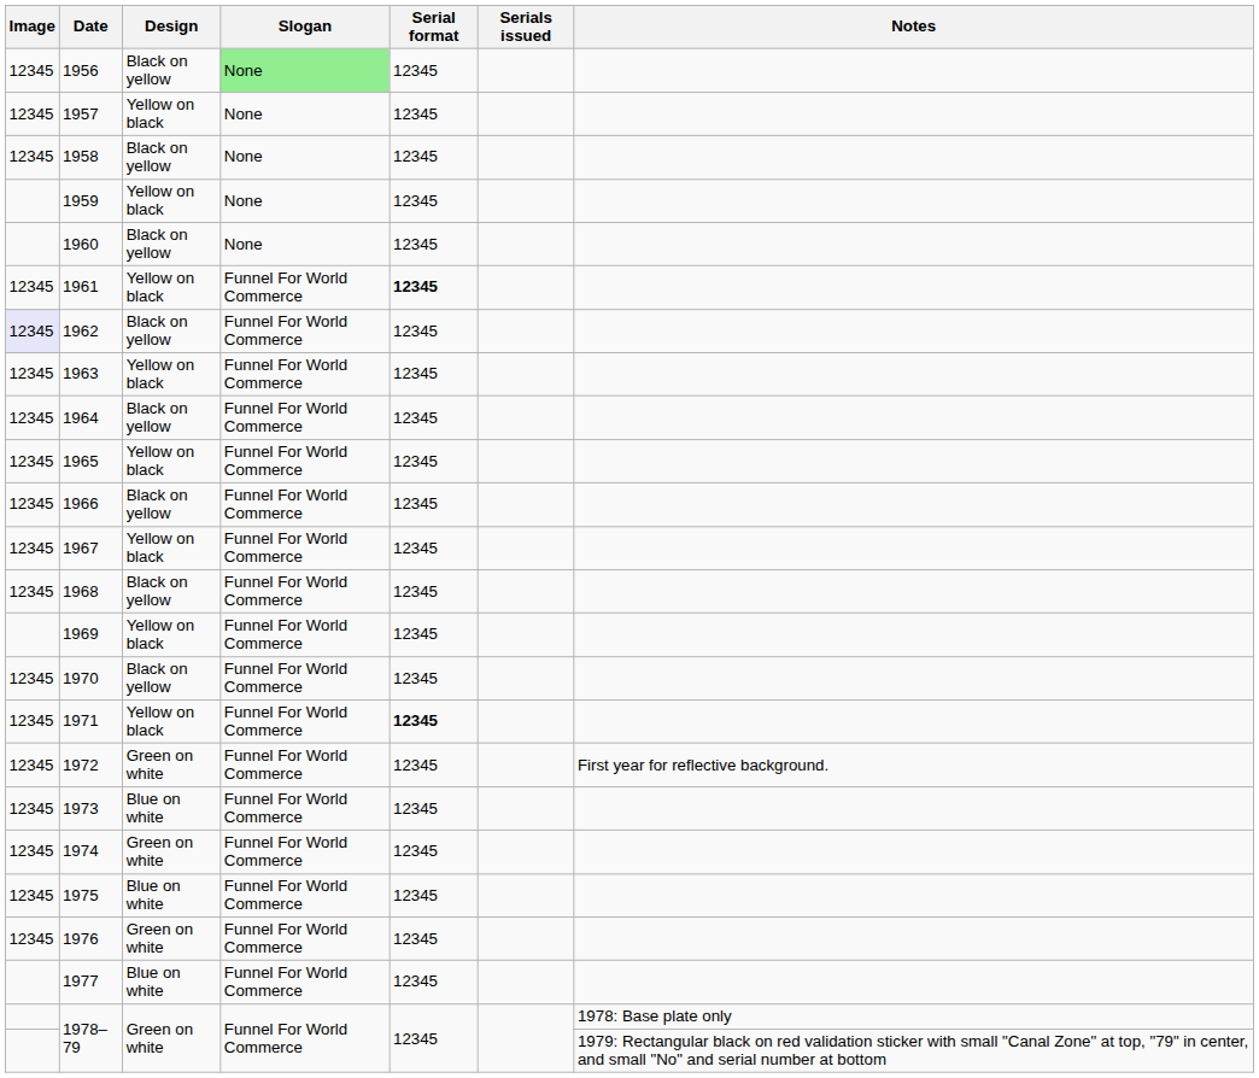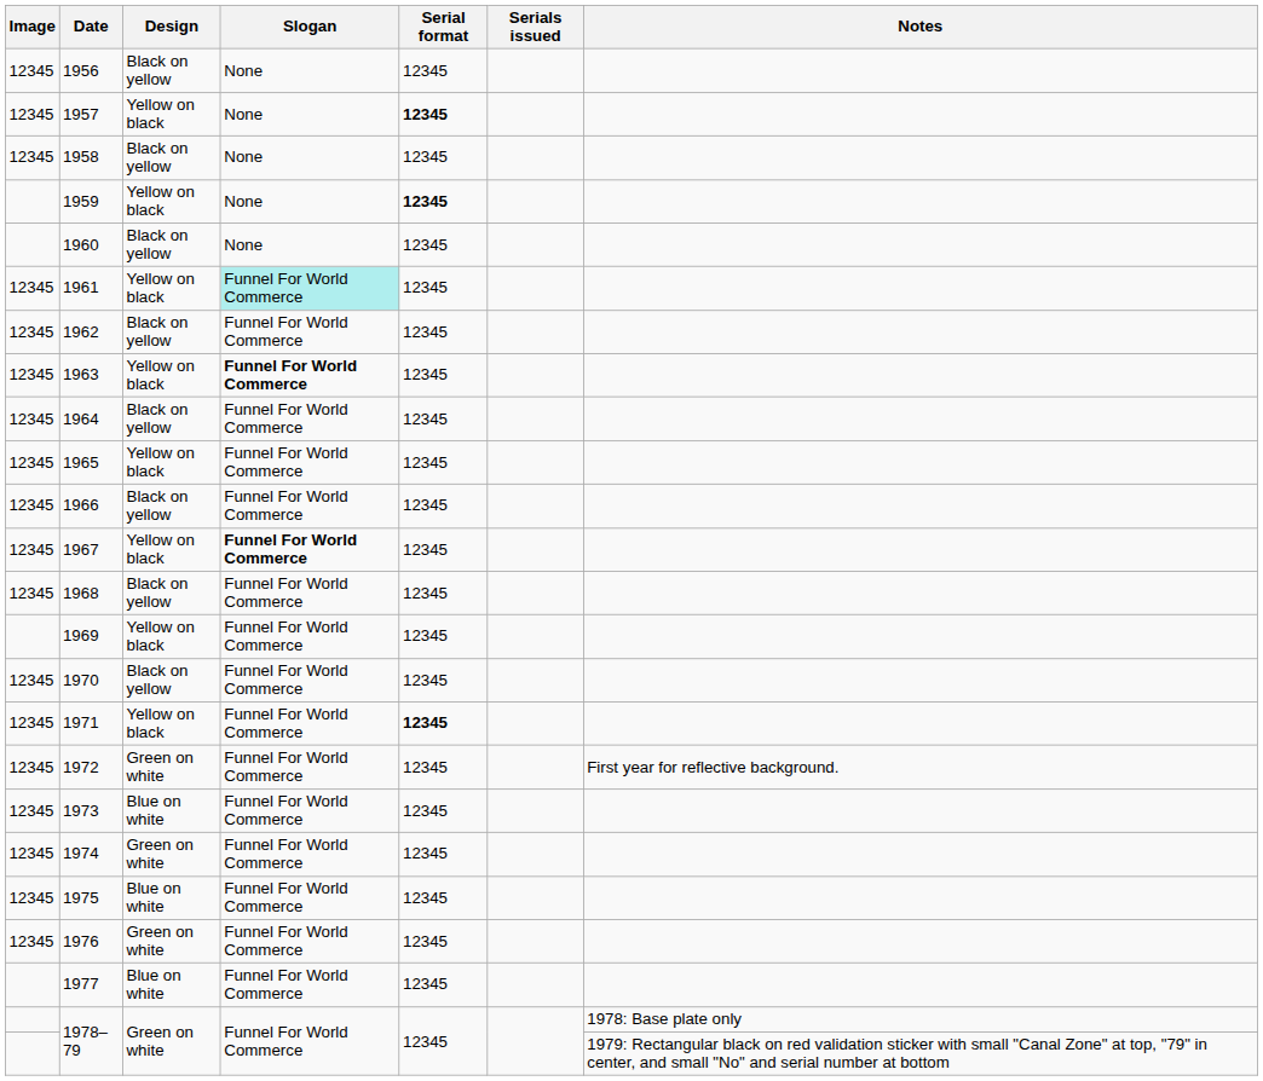 <table class="wikitable">
 <tr>
 <th>Image</th>
 <th>Date</th>
 <th>Design</th>
 <th>Slogan</th>
 <th>Serial format</th>
 <th>Serials issued</th>
 <th>Notes</th>
 </tr>
 <tr>
 <td><div>12345</div></td>
 <td>1956</td>
 <td>Black on yellow</td>
-<td style="background: lightgreen;">None</td>
+<td>None</td>
 <td>12345</td>
 <td></td>
 <td></td>
 </tr>
 <tr>
 <td><div>12345</div></td>
 <td>1957</td>
 <td>Yellow on black</td>
 <td>None</td>
-<td>12345</td>
+<td><strong>12345</strong></td>
 <td></td>
 <td></td>
 </tr>
 <tr>
 <td><div>12345</div></td>
 <td>1958</td>
 <td>Black on yellow</td>
 <td>None</td>
 <td>12345</td>
 <td></td>
 <td></td>
 </tr>
 <tr>
 <td></td>
 <td>1959</td>
 <td>Yellow on black</td>
 <td>None</td>
-<td>12345</td>
+<td><strong>12345</strong></td>
 <td></td>
 <td></td>
 </tr>
 <tr>
 <td></td>
 <td>1960</td>
 <td>Black on yellow</td>
 <td>None</td>
 <td>12345</td>
 <td></td>
 <td></td>
 </tr>
 <tr>
 <td><div>12345</div></td>
 <td>1961</td>
 <td>Yellow on black</td>
-<td>Funnel For World Commerce</td>
-<td><strong>12345</strong></td>
+<td style="background: paleturquoise;">Funnel For World Commerce</td>
+<td>12345</td>
 <td></td>
 <td></td>
 </tr>
 <tr>
-<td style="background: lavender;"><div>12345</div></td>
+<td><div>12345</div></td>
 <td>1962</td>
 <td>Black on yellow</td>
 <td>Funnel For World Commerce</td>
 <td>12345</td>
 <td></td>
 <td></td>
 </tr>
 <tr>
 <td><div>12345</div></td>
 <td>1963</td>
 <td>Yellow on black</td>
-<td>Funnel For World Commerce</td>
+<td><strong>Funnel For World Commerce</strong></td>
 <td>12345</td>
 <td></td>
 <td></td>
 </tr>
 <tr>
 <td><div>12345</div></td>
 <td>1964</td>
 <td>Black on yellow</td>
 <td>Funnel For World Commerce</td>
 <td>12345</td>
 <td></td>
 <td></td>
 </tr>
 <tr>
 <td><div>12345</div></td>
 <td>1965</td>
 <td>Yellow on black</td>
 <td>Funnel For World Commerce</td>
 <td>12345</td>
 <td></td>
 <td></td>
 </tr>
 <tr>
 <td><div>12345</div></td>
 <td>1966</td>
 <td>Black on yellow</td>
 <td>Funnel For World Commerce</td>
 <td>12345</td>
 <td></td>
 <td></td>
 </tr>
 <tr>
 <td><div>12345</div></td>
 <td>1967</td>
 <td>Yellow on black</td>
-<td>Funnel For World Commerce</td>
+<td><strong>Funnel For World Commerce</strong></td>
 <td>12345</td>
 <td></td>
 <td></td>
 </tr>
 <tr>
 <td><div>12345</div></td>
 <td>1968</td>
 <td>Black on yellow</td>
 <td>Funnel For World Commerce</td>
 <td>12345</td>
 <td></td>
 <td></td>
 </tr>
 <tr>
 <td></td>
 <td>1969</td>
 <td>Yellow on black</td>
 <td>Funnel For World Commerce</td>
 <td>12345</td>
 <td></td>
 <td></td>
 </tr>
 <tr>
 <td><div>12345</div></td>
 <td>1970</td>
 <td>Black on yellow</td>
 <td>Funnel For World Commerce</td>
 <td>12345</td>
 <td></td>
 <td></td>
 </tr>
 <tr>
 <td><div>12345</div></td>
 <td>1971</td>
 <td>Yellow on black</td>
 <td>Funnel For World Commerce</td>
 <td><strong>12345</strong></td>
 <td></td>
 <td></td>
 </tr>
 <tr>
 <td><div>12345</div></td>
 <td>1972</td>
 <td>Green on white</td>
 <td>Funnel For World Commerce</td>
 <td>12345</td>
 <td></td>
 <td>First year for reflective background.</td>
 </tr>
 <tr>
 <td><div>12345</div></td>
 <td>1973</td>
 <td>Blue on white</td>
 <td>Funnel For World Commerce</td>
 <td>12345</td>
 <td></td>
 <td></td>
 </tr>
 <tr>
 <td><div>12345</div></td>
 <td>1974</td>
 <td>Green on white</td>
 <td>Funnel For World Commerce</td>
 <td>12345</td>
 <td></td>
 <td></td>
 </tr>
 <tr>
 <td><div>12345</div></td>
 <td>1975</td>
 <td>Blue on white</td>
 <td>Funnel For World Commerce</td>
 <td>12345</td>
 <td></td>
 <td></td>
 </tr>
 <tr>
 <td><div>12345</div></td>
 <td>1976</td>
 <td>Green on white</td>
 <td>Funnel For World Commerce</td>
 <td>12345</td>
 <td></td>
 <td></td>
 </tr>
 <tr>
 <td></td>
 <td>1977</td>
 <td>Blue on white</td>
 <td>Funnel For World Commerce</td>
 <td>12345</td>
 <td></td>
 <td></td>
 </tr>
 <tr>
 <td></td>
 <td rowspan="2">1978–79</td>
 <td rowspan="2">Green on white</td>
 <td rowspan="2">Funnel For World Commerce</td>
 <td rowspan="2">12345</td>
 <td rowspan="2"></td>
 <td>1978: Base plate only</td>
 </tr>
 <tr>
 <td></td>
 <td>1979: Rectangular black on red validation sticker with small "Canal Zone" at top, "79" in center, and small "No" and serial number at bottom</td>
 </tr>
 </table>
